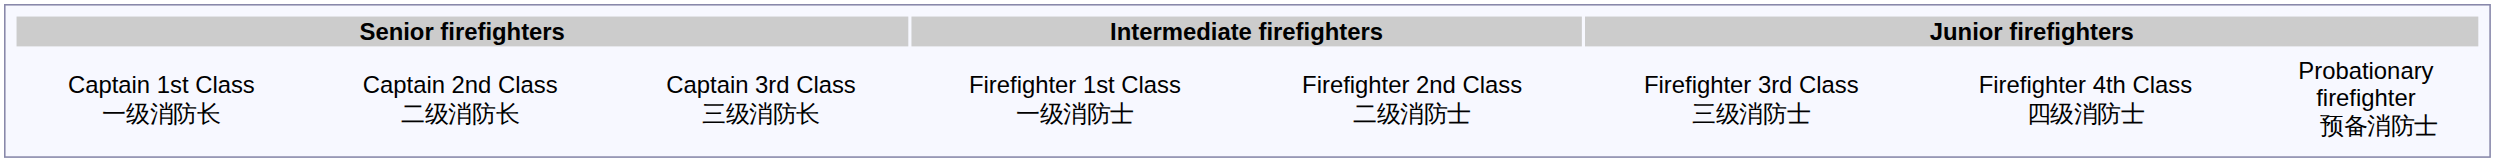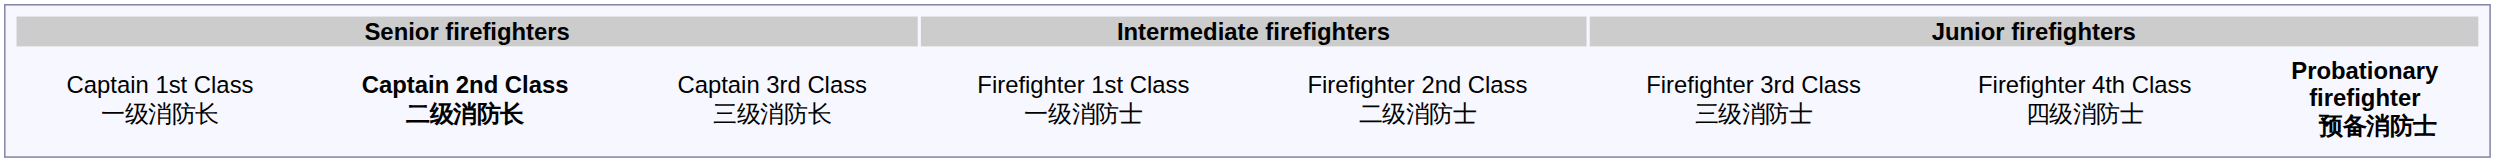 <table style="border:1px solid #8888aa; background-color:#f7f8ff; padding:5px; font-size:95%; margin: 0px 12px 12px 0px; width: 100%;">
 <tr style="background-color:#CCCCCC; width: 100%">
 <th colspan="3">Senior firefighters</th>
 <th colspan = 2>Intermediate firefighters</th>
 <th colspan = 3>Junior firefighters</th>
 </tr>
 <tr style="text-align:center;">
 <td></td>
 <td></td>
 <td></td>
 <td></td>
 <td></td>
 <td></td>
 <td></td>
 <td></td>
 </tr>
 <tr style="text-align:center;">
 <td>Captain 1st Class<br>一级消防长</td>
-<td>Captain 2nd Class<br>二级消防长</td>
+<td><strong>Captain 2nd Class<br>二级消防长</strong></td>
 <td>Captain 3rd Class<br>三级消防长</td>
 <td>Firefighter 1st Class<br>一级消防士</td>
 <td>Firefighter 2nd Class<br>二级消防士</td>
 <td>Firefighter 3rd Class<br>三级消防士</td>
 <td>Firefighter 4th Class<br>四级消防士</td>
-<td>Probationary<br> firefighter<br>    预备消防士</td>
+<td><strong>Probationary<br> firefighter<br>    预备消防士</strong></td>
 </tr>
 </table>
